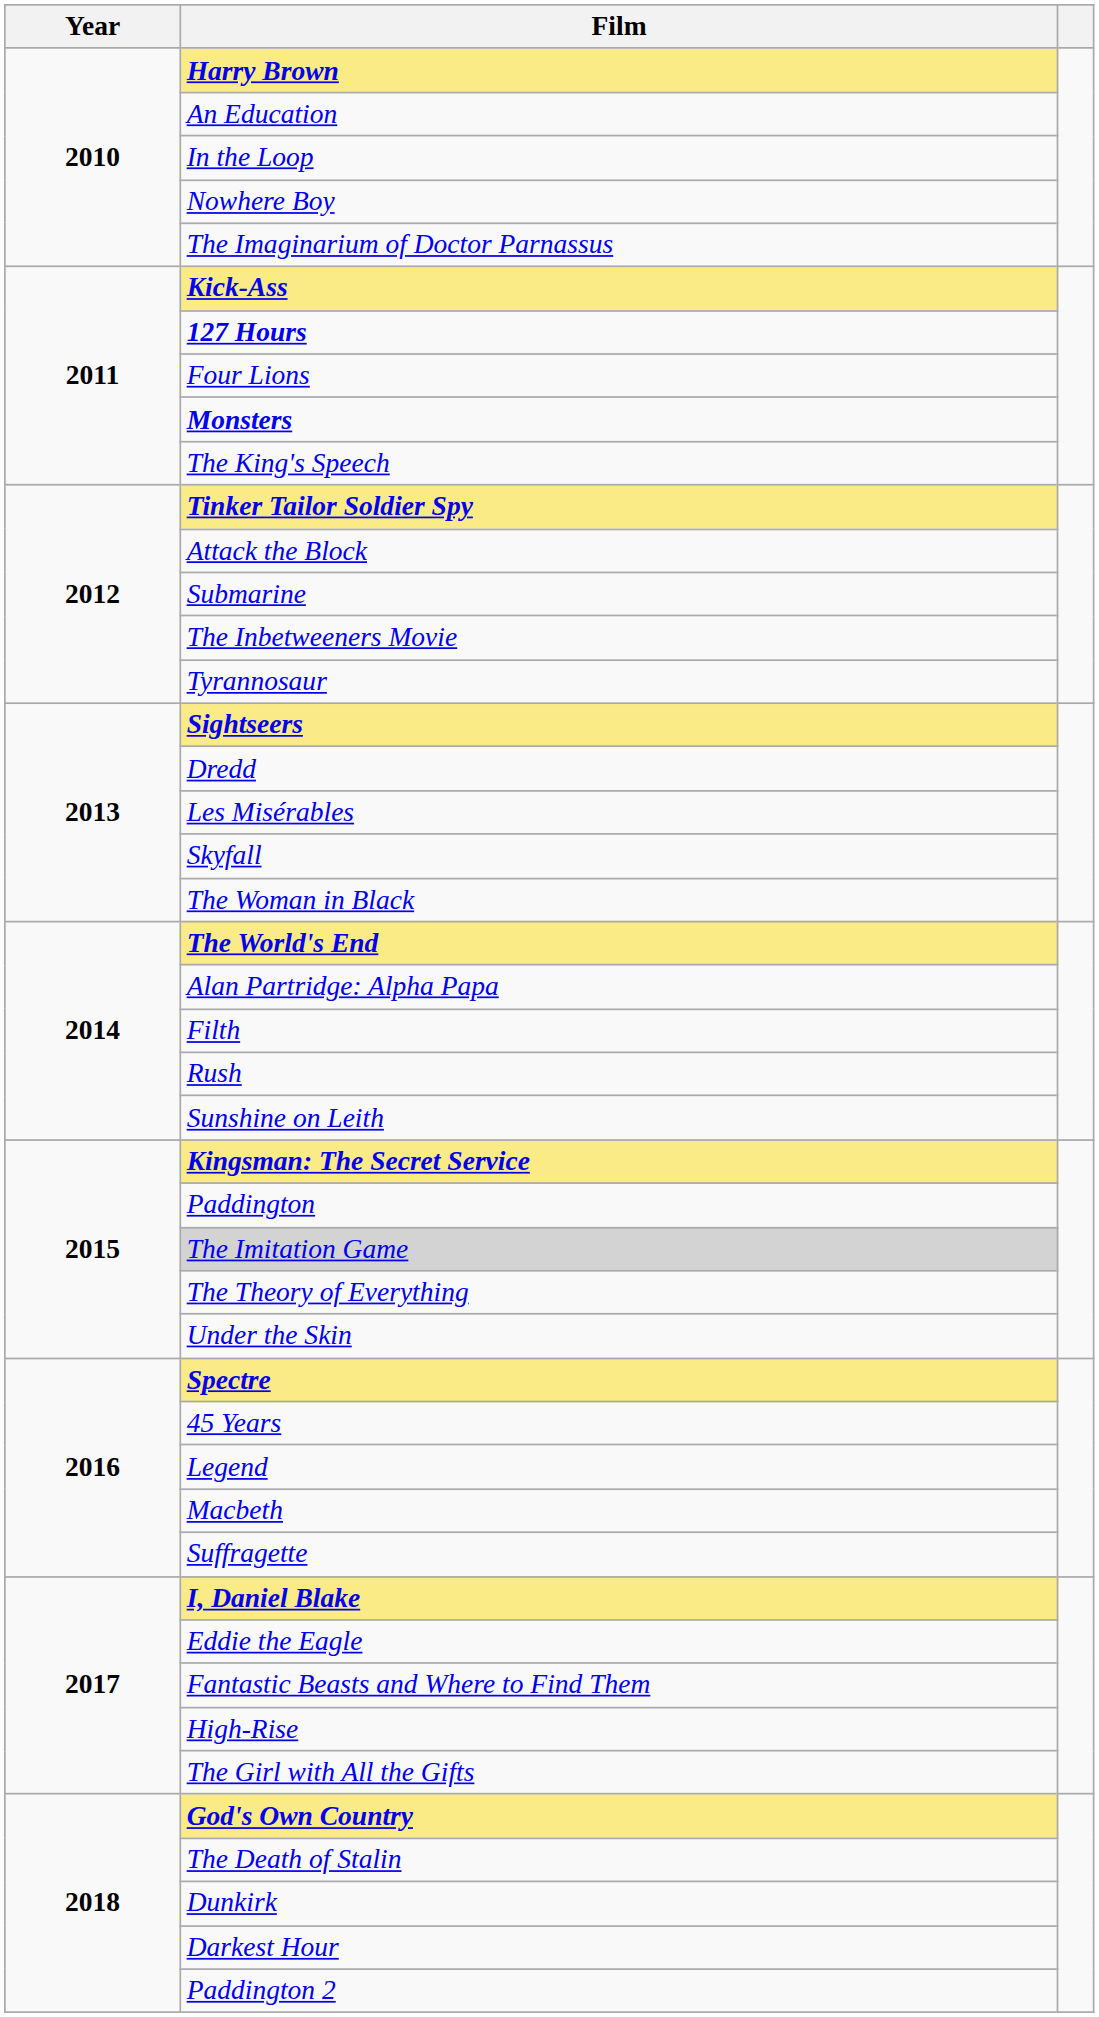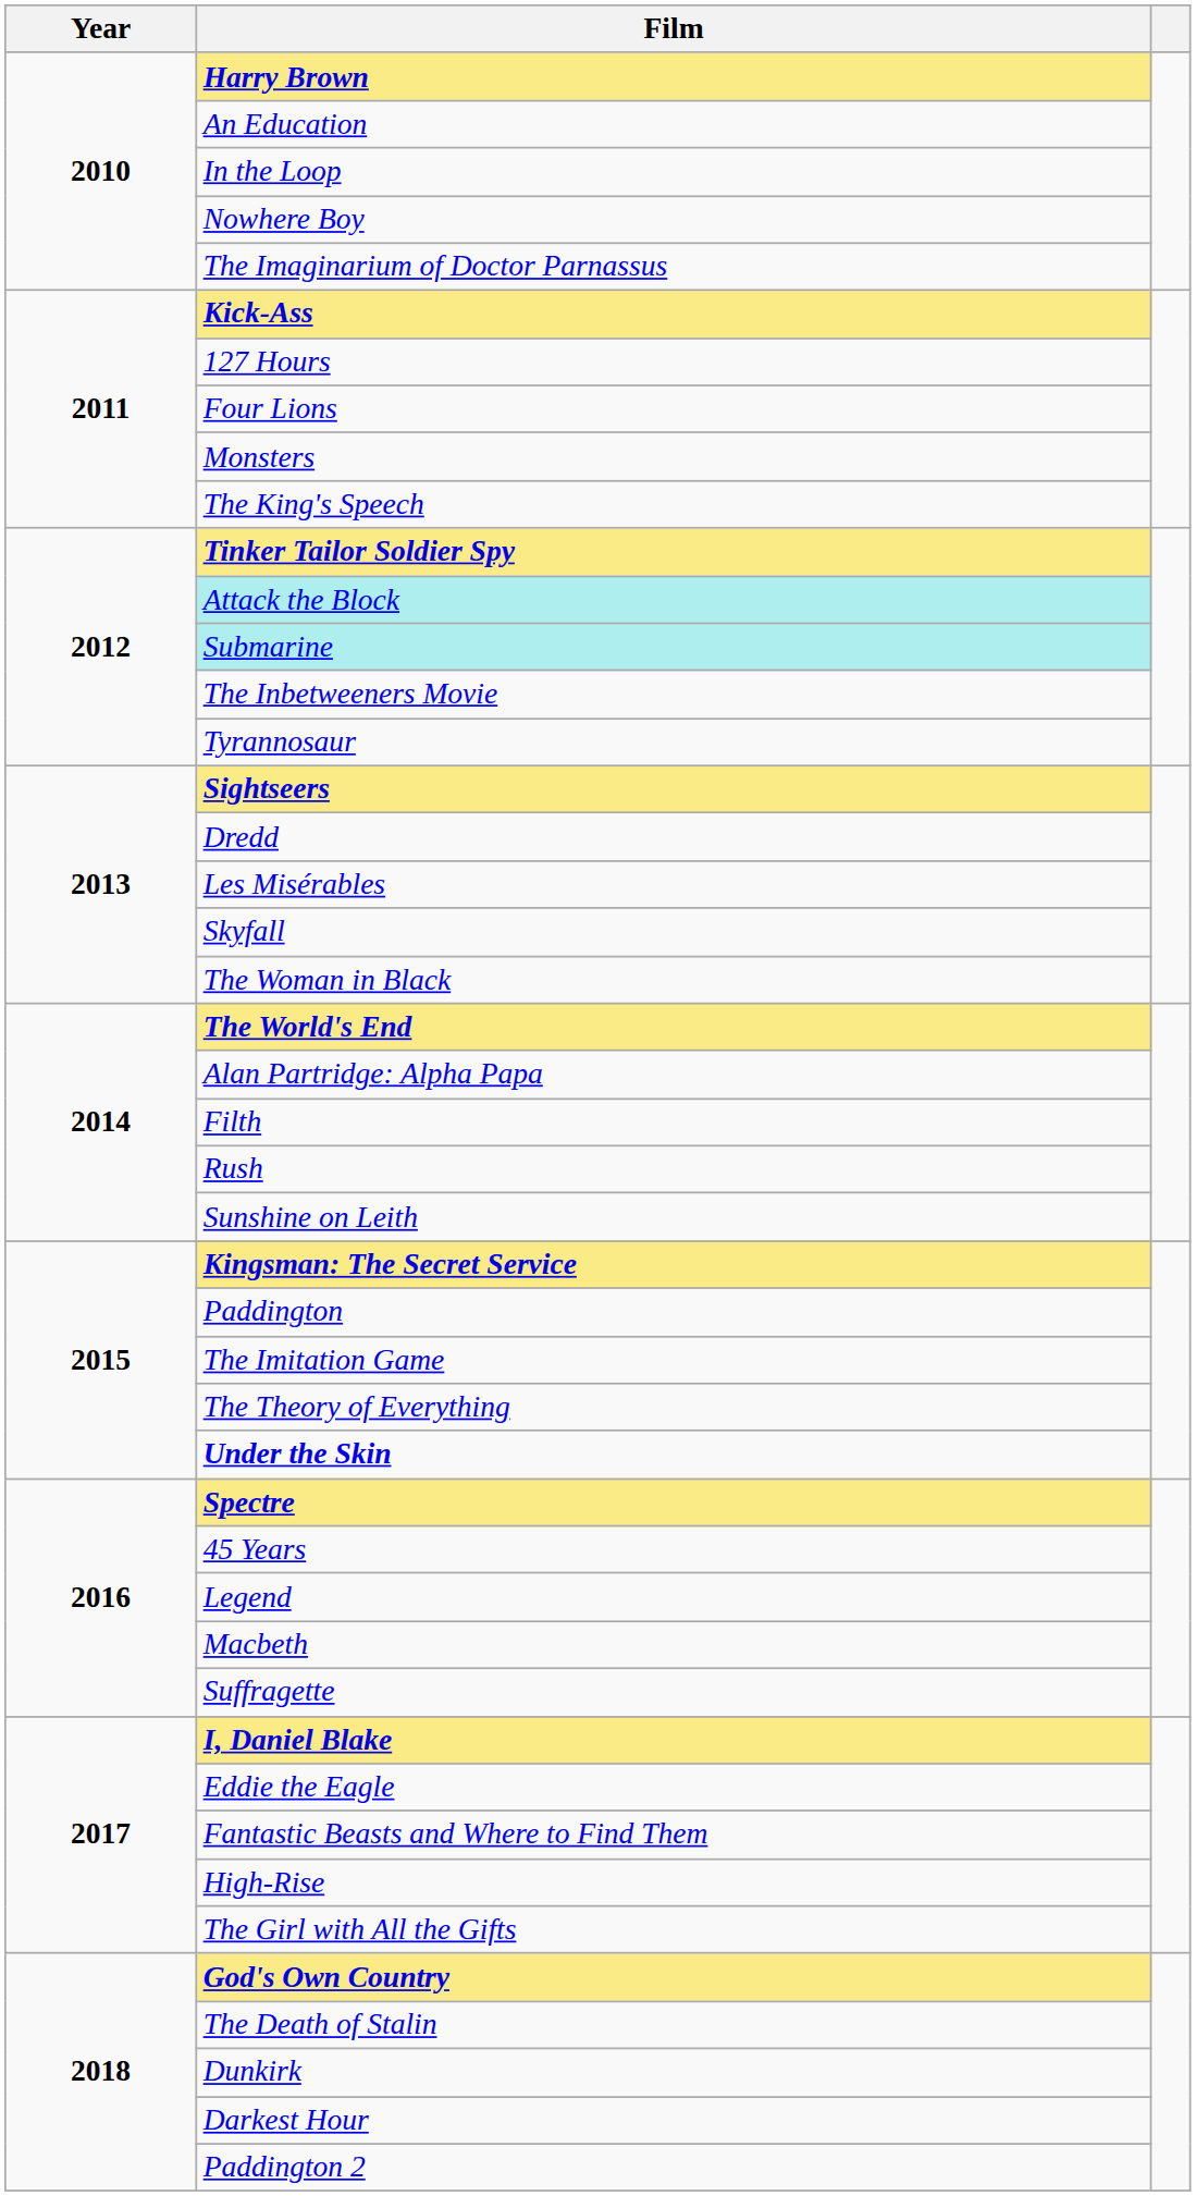 <table class="wikitable" width="40%">
 <tr>
 <th width="10%">Year</th>
 <th width="50%">Film</th>
 <th width="2%"></th>
 </tr>
 <tr>
 <td rowspan="5" style="text-align:center"><strong>2010<br> </strong></td>
 <td style="background:#FAEB86"><strong><em><a href='#'>Harry Brown</a></em></strong></td>
 <td rowspan="5" style="text-align:center"></td>
 </tr>
 <tr>
 <td><em><a href='#'>An Education</a></em></td>
 </tr>
 <tr>
 <td><em><a href='#'>In the Loop</a></em></td>
 </tr>
 <tr>
 <td><em><a href='#'>Nowhere Boy</a></em></td>
 </tr>
 <tr>
 <td><em><a href='#'>The Imaginarium of Doctor Parnassus</a></em></td>
 </tr>
 <tr>
 <td rowspan="5" style="text-align:center"><strong>2011<br> </strong></td>
 <td style="background:#FAEB86"><strong><em><a href='#'>Kick-Ass</a></em></strong></td>
 <td rowspan="5" style="text-align:center"></td>
 </tr>
 <tr>
-<td><strong><em><a href='#'>127 Hours</a></em></strong></td>
+<td><em><a href='#'>127 Hours</a></em></td>
 </tr>
 <tr>
 <td><em><a href='#'>Four Lions</a></em></td>
 </tr>
 <tr>
-<td><strong><em><a href='#'>Monsters</a></em></strong></td>
+<td><em><a href='#'>Monsters</a></em></td>
 </tr>
 <tr>
 <td><em><a href='#'>The King's Speech</a></em></td>
 </tr>
 <tr>
 <td rowspan="5" style="text-align:center"><strong>2012<br> </strong></td>
 <td style="background:#FAEB86"><strong><em><a href='#'>Tinker Tailor Soldier Spy</a></em></strong></td>
 <td rowspan="5" style="text-align:center"></td>
 </tr>
 <tr>
-<td><em><a href='#'>Attack the Block</a></em></td>
+<td style="background: paleturquoise;"><em><a href='#'>Attack the Block</a></em></td>
 </tr>
 <tr>
-<td><em><a href='#'>Submarine</a></em></td>
+<td style="background: paleturquoise;"><em><a href='#'>Submarine</a></em></td>
 </tr>
 <tr>
 <td><em><a href='#'>The Inbetweeners Movie</a></em></td>
 </tr>
 <tr>
 <td><em><a href='#'>Tyrannosaur</a></em></td>
 </tr>
 <tr>
 <td rowspan="5" style="text-align:center"><strong>2013<br> </strong></td>
 <td style="background:#FAEB86"><strong><em><a href='#'>Sightseers</a></em></strong></td>
 <td rowspan="5" style="text-align:center"></td>
 </tr>
 <tr>
 <td><em><a href='#'>Dredd</a></em></td>
 </tr>
 <tr>
 <td><em><a href='#'>Les Misérables</a></em></td>
 </tr>
 <tr>
 <td><em><a href='#'>Skyfall</a></em></td>
 </tr>
 <tr>
 <td><em><a href='#'>The Woman in Black</a></em></td>
 </tr>
 <tr>
 <td rowspan="5" style="text-align:center"><strong>2014<br> </strong></td>
 <td style="background:#FAEB86"><strong><em><a href='#'>The World's End</a></em></strong></td>
 <td rowspan="5" style="text-align:center"></td>
 </tr>
 <tr>
 <td><em><a href='#'>Alan Partridge: Alpha Papa</a></em></td>
 </tr>
 <tr>
 <td><em><a href='#'>Filth</a></em></td>
 </tr>
 <tr>
 <td><em><a href='#'>Rush</a></em></td>
 </tr>
 <tr>
 <td><em><a href='#'>Sunshine on Leith</a></em></td>
 </tr>
 <tr>
 <td rowspan="5" style="text-align:center"><strong>2015<br> </strong></td>
 <td style="background:#FAEB86"><strong><em><a href='#'>Kingsman: The Secret Service</a></em></strong></td>
 <td rowspan="5" style="text-align:center"></td>
 </tr>
 <tr>
 <td><em><a href='#'>Paddington</a></em></td>
 </tr>
 <tr>
-<td style="background: lightgrey;"><em><a href='#'>The Imitation Game</a></em></td>
+<td><em><a href='#'>The Imitation Game</a></em></td>
 </tr>
 <tr>
 <td><em><a href='#'>The Theory of Everything</a></em></td>
 </tr>
 <tr>
-<td><em><a href='#'>Under the Skin</a></em></td>
+<td><strong><em><a href='#'>Under the Skin</a></em></strong></td>
 </tr>
 <tr>
 <td rowspan="5" style="text-align:center"><strong>2016<br> </strong></td>
 <td style="background:#FAEB86"><strong><em><a href='#'>Spectre</a></em></strong></td>
 <td rowspan="5" style="text-align:center"></td>
 </tr>
 <tr>
 <td><em><a href='#'>45 Years</a></em></td>
 </tr>
 <tr>
 <td><em><a href='#'>Legend</a></em></td>
 </tr>
 <tr>
 <td><em><a href='#'>Macbeth</a></em></td>
 </tr>
 <tr>
 <td><em><a href='#'>Suffragette</a></em></td>
 </tr>
 <tr>
 <td rowspan="5" style="text-align:center"><strong>2017<br> </strong></td>
 <td style="background:#FAEB86"><strong><em><a href='#'>I, Daniel Blake</a></em></strong></td>
 <td rowspan="5" style="text-align:center"></td>
 </tr>
 <tr>
 <td><em><a href='#'>Eddie the Eagle</a></em></td>
 </tr>
 <tr>
 <td><em><a href='#'>Fantastic Beasts and Where to Find Them</a></em></td>
 </tr>
 <tr>
 <td><em><a href='#'>High-Rise</a></em></td>
 </tr>
 <tr>
 <td><em><a href='#'>The Girl with All the Gifts</a></em></td>
 </tr>
 <tr>
 <td rowspan="5" style="text-align:center"><strong>2018<br> </strong></td>
 <td style="background:#FAEB86"><strong><em><a href='#'>God's Own Country</a></em></strong></td>
 <td rowspan="5" style="text-align:center"></td>
 </tr>
 <tr>
 <td><em><a href='#'>The Death of Stalin</a></em></td>
 </tr>
 <tr>
 <td><em><a href='#'>Dunkirk</a></em></td>
 </tr>
 <tr>
 <td><em><a href='#'>Darkest Hour</a></em></td>
 </tr>
 <tr>
 <td><em><a href='#'>Paddington 2</a></em></td>
 </tr>
 </table>
